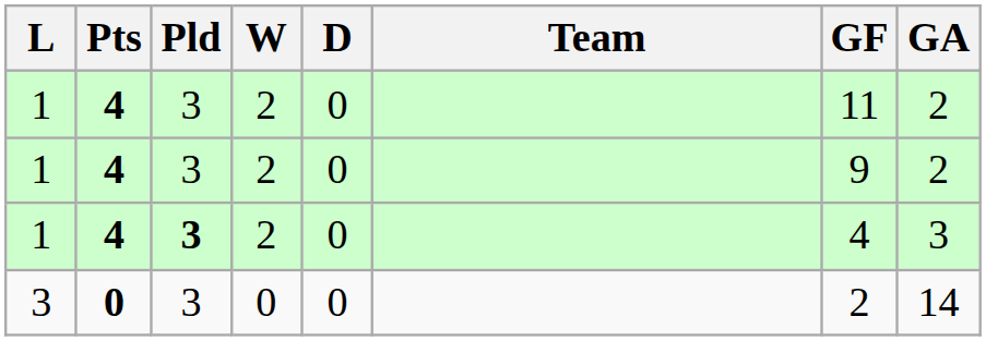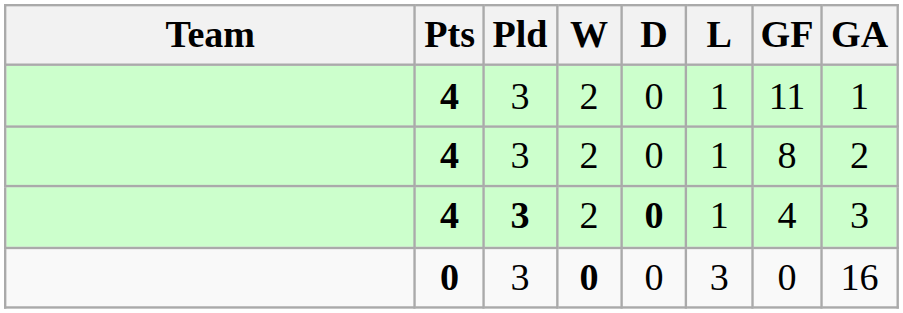 <table class="wikitable" style="text-align: center;">
 <tr>
-<th width=20>L</th>
+<th width=165>Team</th>
 <th width=20>Pts</th>
 <th width=20>Pld</th>
 <th width=20>W</th>
 <th width=20>D</th>
-<th width=165>Team</th>
+<th width=20>L</th>
 <th width=20>GF</th>
 <th width=20>GA</th>
 </tr>
 <tr style="background:#cfc;">
-<td>1</td>
+<td style="text-align:left;"></td>
 <td><strong>4</strong></td>
 <td>3</td>
 <td>2</td>
 <td>0</td>
-<td style="text-align:left;"></td>
+<td>1</td>
 <td>11</td>
-<td>2</td>
+<td>1</td>
 </tr>
 <tr style="background:#cfc;">
-<td>1</td>
+<td style="text-align:left;"></td>
 <td><strong>4</strong></td>
 <td>3</td>
 <td>2</td>
 <td>0</td>
-<td style="text-align:left;"></td>
-<td>9</td>
+<td>1</td>
+<td>8</td>
 <td>2</td>
 </tr>
 <tr style="background:#cfc;">
-<td>1</td>
+<td style="text-align:left;"></td>
 <td><strong>4</strong></td>
 <td><strong>3</strong></td>
 <td>2</td>
-<td>0</td>
-<td style="text-align:left;"></td>
+<td><strong>0</strong></td>
+<td>1</td>
 <td>4</td>
 <td>3</td>
 </tr>
 <tr>
+<td style="text-align:left;"></td>
+<td><strong>0</strong></td>
 <td>3</td>
 <td><strong>0</strong></td>
+<td>0</td>
 <td>3</td>
 <td>0</td>
-<td>0</td>
-<td style="text-align:left;"></td>
-<td>2</td>
-<td>14</td>
+<td>16</td>
 </tr>
 </table>
